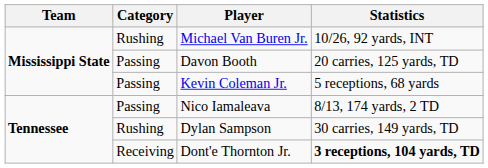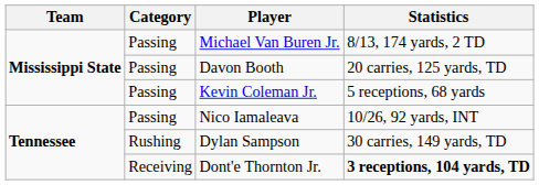 <table class="wikitable" style="float: right;">
 <tr>
 <th>Team</th>
 <th>Category</th>
 <th>Player</th>
 <th>Statistics</th>
 </tr>
 <tr>
 <td rowspan=3><strong>Mississippi State</strong></td>
-<td>Rushing</td>
+<td>Passing</td>
 <td><a href='#'>Michael Van Buren Jr.</a></td>
-<td>10/26, 92 yards, INT</td>
+<td>8/13, 174 yards, 2 TD</td>
 </tr>
 <tr>
 <td>Passing</td>
 <td>Davon Booth</td>
 <td>20 carries, 125 yards, TD</td>
 </tr>
 <tr>
 <td>Passing</td>
 <td><a href='#'>Kevin Coleman Jr.</a></td>
 <td>5 receptions, 68 yards</td>
 </tr>
 <tr>
 <td rowspan=3><strong>Tennessee</strong></td>
 <td>Passing</td>
 <td>Nico Iamaleava</td>
-<td>8/13, 174 yards, 2 TD</td>
+<td>10/26, 92 yards, INT</td>
 </tr>
 <tr>
 <td>Rushing</td>
 <td>Dylan Sampson</td>
 <td>30 carries, 149 yards, TD</td>
 </tr>
 <tr>
 <td>Receiving</td>
 <td>Dont'e Thornton Jr.</td>
 <td><strong>3 receptions, 104 yards, TD</strong></td>
 </tr>
 </table>
